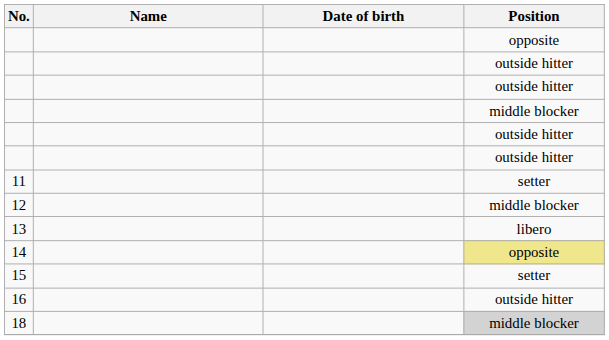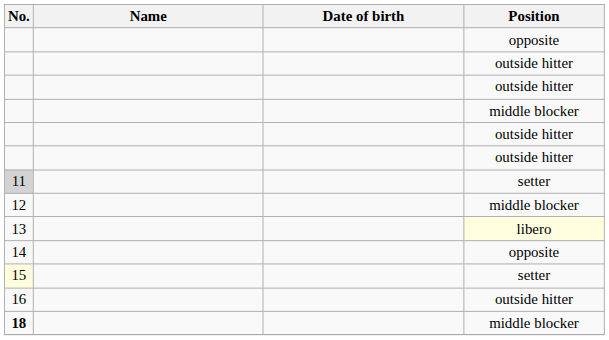 <table class="wikitable sortable" style="font-size:100%; text-align:center;">
 <tr>
 <th>No.</th>
 <th style="width:15em">Name</th>
 <th style="width:13em">Date of birth</th>
 <th style="width:9em">Position</th>
 </tr>
 <tr>
 <td></td>
 <td align=left> </td>
 <td align=right></td>
 <td>opposite</td>
 </tr>
 <tr>
 <td></td>
 <td align=left> </td>
 <td align=right></td>
 <td>outside hitter</td>
 </tr>
 <tr>
 <td></td>
 <td align=left> </td>
 <td align=right></td>
 <td>outside hitter</td>
 </tr>
 <tr>
 <td></td>
 <td align=left> </td>
 <td align=right></td>
 <td>middle blocker</td>
 </tr>
 <tr>
 <td></td>
 <td align=left> </td>
 <td align=right></td>
 <td>outside hitter</td>
 </tr>
 <tr>
 <td></td>
 <td align=left> </td>
 <td align=right></td>
 <td>outside hitter</td>
 </tr>
 <tr>
-<td>11</td>
+<td style="background: lightgrey;">11</td>
 <td align=left> </td>
 <td align=right></td>
 <td>setter</td>
 </tr>
 <tr>
 <td>12</td>
 <td align=left> </td>
 <td align=right></td>
 <td>middle blocker</td>
 </tr>
 <tr>
 <td>13</td>
 <td align=left> </td>
 <td align=right></td>
-<td>libero</td>
+<td style="background: lightyellow;">libero</td>
 </tr>
 <tr>
 <td>14</td>
 <td align=left> </td>
 <td align=right></td>
-<td style="background: khaki;">opposite</td>
+<td>opposite</td>
 </tr>
 <tr>
-<td>15</td>
+<td style="background: lightyellow;">15</td>
 <td align=left> </td>
 <td align=right></td>
 <td>setter</td>
 </tr>
 <tr>
 <td>16</td>
 <td align=left> </td>
 <td align=right></td>
 <td>outside hitter</td>
 </tr>
 <tr>
-<td>18</td>
+<td><strong>18</strong></td>
 <td align=left> </td>
 <td align=right></td>
-<td style="background: lightgrey;">middle blocker</td>
+<td>middle blocker</td>
 </tr>
 <tr>
 </tr>
 </table>
